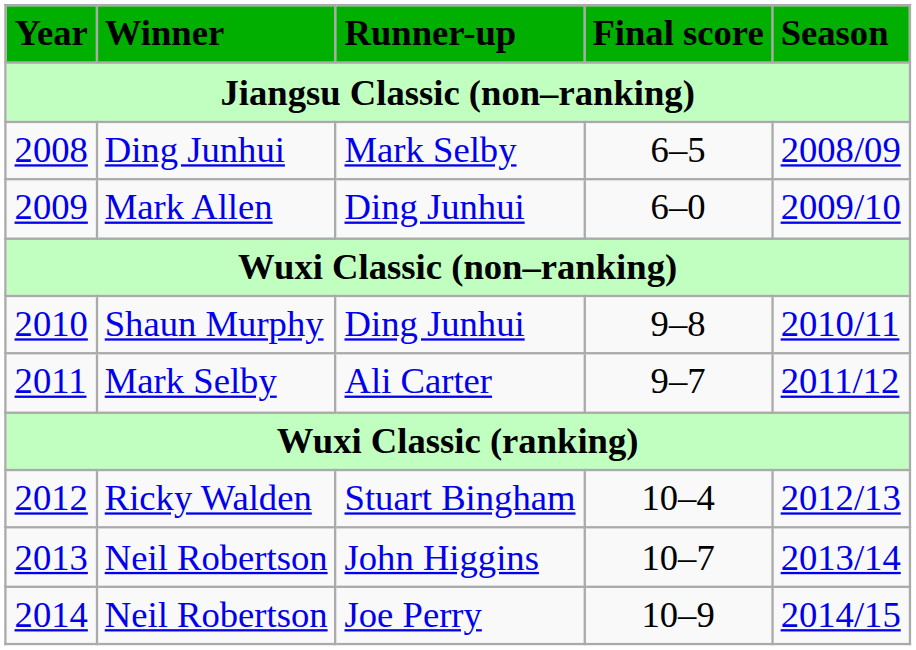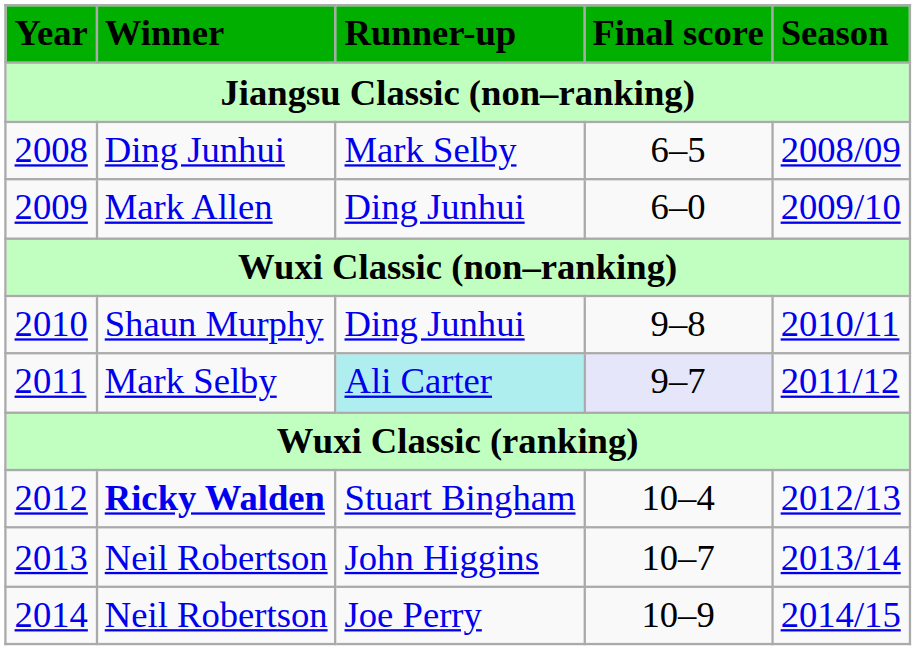 <table class="wikitable" style="margin: auto">
 <tr>
 <th style="text-align: center; background-color: #00af00">Year</th>
 <th style="text-align: left; background-color: #00af00">Winner</th>
 <th style="text-align: left; background-color: #00af00">Runner-up</th>
 <th style="text-align: left; background-color: #00af00">Final score</th>
 <th style="text-align: left; background-color: #00af00">Season</th>
 </tr>
 <tr>
 <th colspan=5 style="text-align: center; background-color: #c0ffc0">Jiangsu Classic (non–ranking)</th>
 </tr>
 <tr>
 <td><a href='#'>2008</a></td>
 <td> <a href='#'>Ding Junhui</a></td>
 <td> <a href='#'>Mark Selby</a></td>
 <td style="text-align: center">6–5</td>
 <td><a href='#'>2008/09</a></td>
 </tr>
 <tr>
 <td><a href='#'>2009</a></td>
 <td> <a href='#'>Mark Allen</a></td>
 <td> <a href='#'>Ding Junhui</a></td>
 <td style="text-align: center">6–0</td>
 <td><a href='#'>2009/10</a></td>
 </tr>
 <tr>
 <th colspan=5 style="text-align: center; background-color: #c0ffc0">Wuxi Classic (non–ranking)</th>
 </tr>
 <tr>
 <td><a href='#'>2010</a></td>
 <td> <a href='#'>Shaun Murphy</a></td>
 <td> <a href='#'>Ding Junhui</a></td>
 <td style="text-align: center">9–8</td>
 <td><a href='#'>2010/11</a></td>
 </tr>
 <tr>
 <td><a href='#'>2011</a></td>
 <td> <a href='#'>Mark Selby</a></td>
-<td> <a href='#'>Ali Carter</a></td>
-<td style="text-align: center">9–7</td>
+<td style="background: paleturquoise;"> <a href='#'>Ali Carter</a></td>
+<td style="background: lavender; text-align: center">9–7</td>
 <td><a href='#'>2011/12</a></td>
 </tr>
 <tr>
 <th colspan=5 style="text-align: center; background-color: #c0ffc0">Wuxi Classic (ranking)</th>
 </tr>
 <tr>
 <td><a href='#'>2012</a></td>
-<td> <a href='#'>Ricky Walden</a></td>
+<td><strong> <a href='#'>Ricky Walden</a></strong></td>
 <td> <a href='#'>Stuart Bingham</a></td>
 <td style="text-align: center">10–4</td>
 <td><a href='#'>2012/13</a></td>
 </tr>
 <tr>
 <td><a href='#'>2013</a></td>
 <td> <a href='#'>Neil Robertson</a></td>
 <td> <a href='#'>John Higgins</a></td>
 <td style="text-align: center">10–7</td>
 <td><a href='#'>2013/14</a></td>
 </tr>
 <tr>
 <td><a href='#'>2014</a></td>
 <td> <a href='#'>Neil Robertson</a></td>
 <td> <a href='#'>Joe Perry</a></td>
 <td style="text-align: center">10–9</td>
 <td><a href='#'>2014/15</a></td>
 </tr>
 </table>
